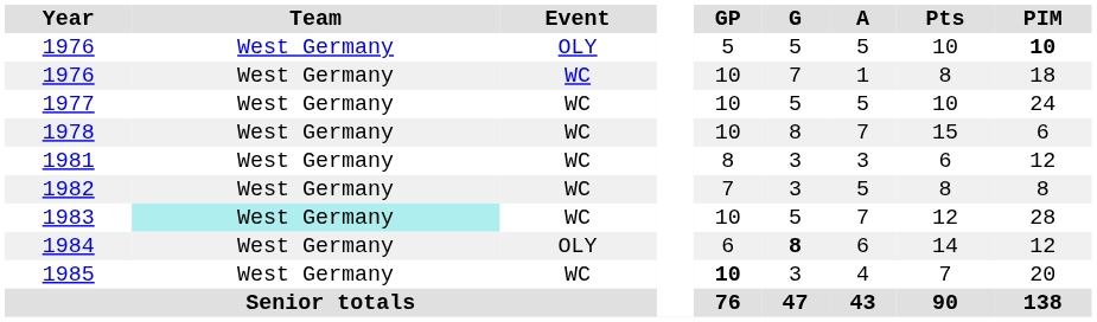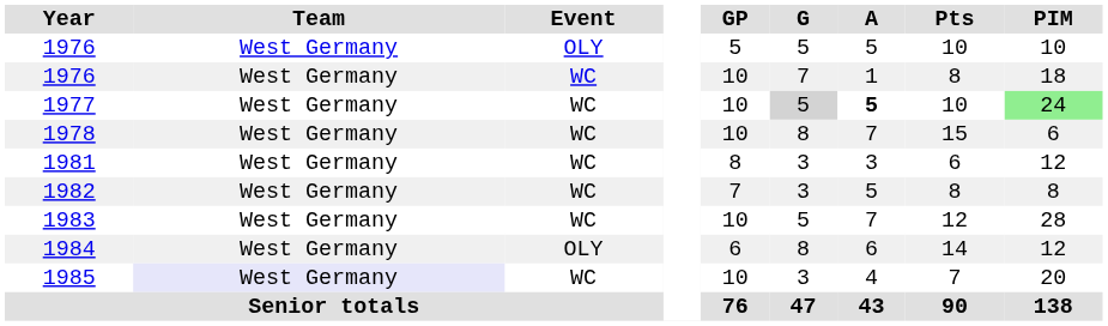 <table border="0" cellpadding="1" cellspacing="0" style="text-align:center; width:50em">
 <tr ALIGN="center" bgcolor="#e0e0e0">
 <th>Year</th>
 <th>Team</th>
 <th>Event</th>
 <th rowspan="99" bgcolor="#ffffff"> </th>
 <th>GP</th>
 <th>G</th>
 <th>A</th>
 <th>Pts</th>
 <th>PIM</th>
 </tr>
 <tr>
 <td><a href='#'>1976</a></td>
 <td><a href='#'>West Germany</a></td>
 <td><a href='#'>OLY</a></td>
 <td>5</td>
 <td>5</td>
 <td>5</td>
 <td>10</td>
-<td><strong>10</strong></td>
+<td>10</td>
 </tr>
 <tr bgcolor="#f0f0f0">
 <td><a href='#'>1976</a></td>
 <td>West Germany</td>
 <td><a href='#'>WC</a></td>
 <td>10</td>
 <td>7</td>
 <td>1</td>
 <td>8</td>
 <td>18</td>
 </tr>
 <tr>
 <td><a href='#'>1977</a></td>
 <td>West Germany</td>
 <td>WC</td>
 <td>10</td>
-<td>5</td>
-<td>5</td>
+<td style="background: lightgrey;">5</td>
+<td><strong>5</strong></td>
 <td>10</td>
-<td>24</td>
+<td style="background: lightgreen;">24</td>
 </tr>
 <tr bgcolor="#f0f0f0">
 <td><a href='#'>1978</a></td>
 <td>West Germany</td>
 <td>WC</td>
 <td>10</td>
 <td>8</td>
 <td>7</td>
 <td>15</td>
 <td>6</td>
 </tr>
 <tr>
 <td><a href='#'>1981</a></td>
 <td>West Germany</td>
 <td>WC</td>
 <td>8</td>
 <td>3</td>
 <td>3</td>
 <td>6</td>
 <td>12</td>
 </tr>
 <tr bgcolor="#f0f0f0">
 <td><a href='#'>1982</a></td>
 <td>West Germany</td>
 <td>WC</td>
 <td>7</td>
 <td>3</td>
 <td>5</td>
 <td>8</td>
 <td>8</td>
 </tr>
 <tr>
 <td><a href='#'>1983</a></td>
-<td style="background: paleturquoise;">West Germany</td>
+<td>West Germany</td>
 <td>WC</td>
 <td>10</td>
 <td>5</td>
 <td>7</td>
 <td>12</td>
 <td>28</td>
 </tr>
 <tr bgcolor="#f0f0f0">
 <td><a href='#'>1984</a></td>
 <td>West Germany</td>
 <td>OLY</td>
 <td>6</td>
-<td><strong>8</strong></td>
+<td>8</td>
 <td>6</td>
 <td>14</td>
 <td>12</td>
 </tr>
 <tr>
 <td><a href='#'>1985</a></td>
-<td>West Germany</td>
+<td style="background: lavender;">West Germany</td>
 <td>WC</td>
-<td><strong>10</strong></td>
+<td>10</td>
 <td>3</td>
 <td>4</td>
 <td>7</td>
 <td>20</td>
 </tr>
 <tr bgcolor="#e0e0e0">
 <th colspan=3>Senior totals</th>
 <th>76</th>
 <th>47</th>
 <th>43</th>
 <th>90</th>
 <th>138</th>
 </tr>
 </table>
